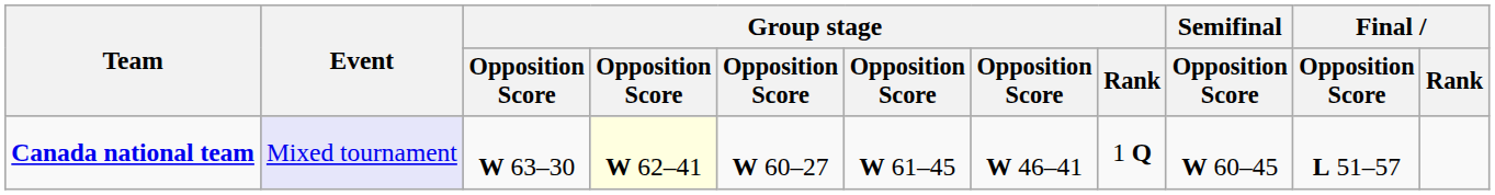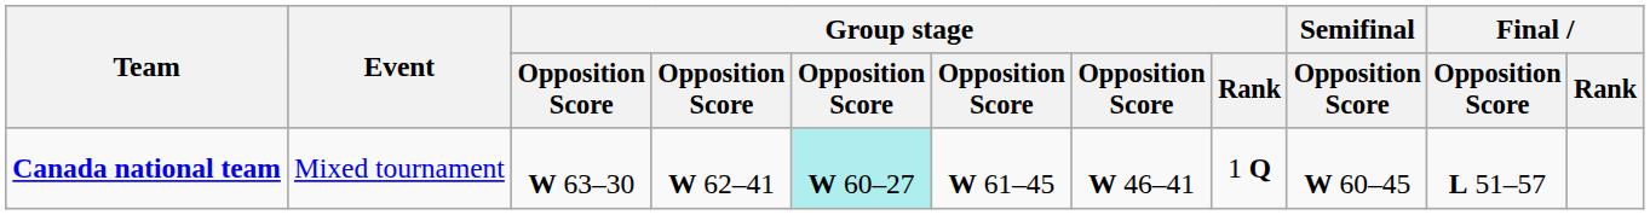 <table class="wikitable" style="font-size:90%;text-align:center">
 <tr>
 <th rowspan="2">Team</th>
 <th rowspan="2">Event</th>
 <th colspan="6">Group stage</th>
 <th>Semifinal</th>
 <th colspan="2">Final / </th>
 </tr>
 <tr style="font-size:95%">
 <th>Opposition<br>Score</th>
 <th>Opposition<br>Score</th>
 <th>Opposition<br>Score</th>
 <th>Opposition<br>Score</th>
 <th>Opposition<br>Score</th>
 <th>Rank</th>
 <th>Opposition<br>Score</th>
 <th>Opposition<br>Score</th>
 <th>Rank</th>
 </tr>
 <tr>
 <td align=left><strong><a href='#'>Canada national team</a></strong></td>
-<td align=left style="background: lavender;"><a href='#'>Mixed tournament</a></td>
+<td align=left><a href='#'>Mixed tournament</a></td>
 <td><br><strong>W</strong> 63–30</td>
-<td style="background: lightyellow;"><br><strong>W</strong> 62–41</td>
-<td><br><strong>W</strong> 60–27</td>
+<td><br><strong>W</strong> 62–41</td>
+<td style="background: paleturquoise;"><br><strong>W</strong> 60–27</td>
 <td><br><strong>W</strong> 61–45</td>
 <td><br><strong>W</strong> 46–41</td>
 <td>1 <strong>Q</strong></td>
 <td><br><strong>W</strong> 60–45</td>
 <td><br><strong>L</strong> 51–57</td>
 <td></td>
 </tr>
 </table>
